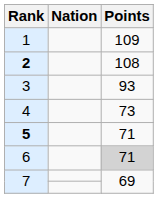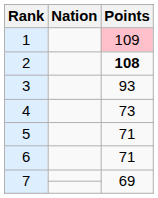 <table class="wikitable sortable" style="text-align:center">
 <tr>
 <th>Rank</th>
 <th>Nation</th>
 <th>Points</th>
 </tr>
 <tr>
 <td bgcolor = DDEEFF>1</td>
 <td align=left></td>
-<td>109</td>
+<td style="background: pink;">109</td>
 </tr>
 <tr>
-<td bgcolor = DDEEFF><strong>2</strong></td>
+<td bgcolor = DDEEFF>2</td>
 <td align=left></td>
-<td>108</td>
+<td><strong>108</strong></td>
 </tr>
 <tr>
 <td bgcolor = DDEEFF>3</td>
 <td align=left></td>
 <td>93</td>
 </tr>
 <tr>
 <td bgcolor = DDEEFF>4</td>
 <td align=left></td>
 <td>73</td>
 </tr>
 <tr>
-<td bgcolor = DDEEFF><strong>5</strong></td>
+<td bgcolor = DDEEFF>5</td>
 <td align=left></td>
 <td>71</td>
 </tr>
 <tr>
 <td bgcolor = DDEEFF>6</td>
 <td align=left></td>
-<td style="background: lightgrey;">71</td>
+<td>71</td>
 </tr>
 <tr>
 <td rowspan=2 bgcolor = DDEEFF>7</td>
 <td align=left></td>
 <td rowspan=2>69</td>
 </tr>
 <tr>
 <td align=left></td>
 </tr>
 </table>
